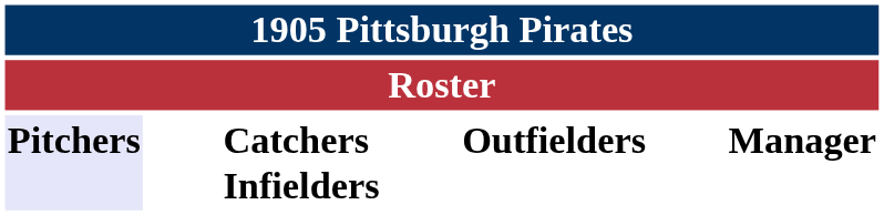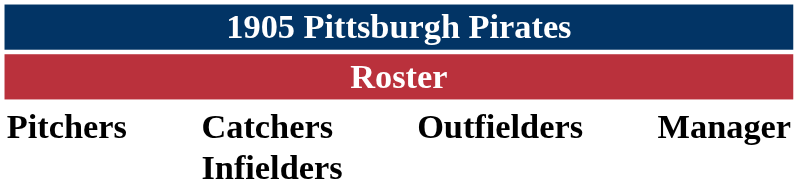 <table class="toccolours" style="font-size: 95%;">
 <tr>
 <th colspan="10" style="background-color: #023465; color: white; text-align: center;">1905 Pittsburgh Pirates</th>
 </tr>
 <tr>
 <td colspan="10" style="background-color: #ba313c; color: white; text-align: center;"><strong>Roster</strong></td>
 </tr>
 <tr>
-<td valign="top" style="background: lavender;"><strong>Pitchers</strong><br>        </td>
+<td valign="top"><strong>Pitchers</strong><br>        </td>
 <td width="25px"></td>
 <td valign="top"><strong>Catchers</strong><br>    <strong>Infielders</strong>        </td>
 <td width="25px"></td>
 <td valign="top"><strong>Outfielders</strong><br>      </td>
 <td width="25px"></td>
 <td valign="top"><strong>Manager</strong><br></td>
 </tr>
 </table>
